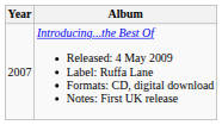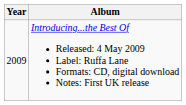 <table class="wikitable">
 <tr>
 <th>Year</th>
 <th>Album</th>
 </tr>
 <tr>
-<td>2007</td>
+<td>2009</td>
 <td><em><a href='#'>Introducing...the Best Of</a></em><br><ul><li>Released: 4 May 2009</li><li>Label: Ruffa Lane</li><li>Formats: CD, digital download</li><li>Notes: First UK release</li></ul></td>
 </tr>
 </table>
